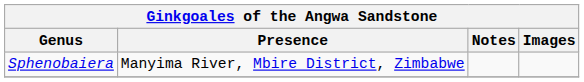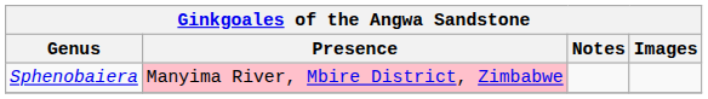 <table class="wikitable" align="center">
 <tr>
 <th colspan="5" align="center"><strong><a href='#'>Ginkgoales</a> of the Angwa Sandstone</strong></th>
 </tr>
 <tr>
 <th>Genus</th>
 <th>Presence</th>
 <th>Notes</th>
 <th>Images</th>
 </tr>
 <tr>
 <td><em><a href='#'>Sphenobaiera</a></em></td>
-<td>Manyima River, <a href='#'>Mbire District</a>, <a href='#'>Zimbabwe</a></td>
+<td style="background: pink;">Manyima River, <a href='#'>Mbire District</a>, <a href='#'>Zimbabwe</a></td>
 <td></td>
 <td></td>
 </tr>
 <tr>
 </tr>
 </table>
